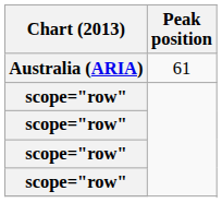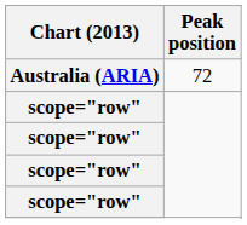 <table class="wikitable sortable plainrowheaders" style="text-align:center;">
 <tr>
 <th scope="col">Chart (2013)</th>
 <th scope="col">Peak<br>position</th>
 </tr>
 <tr>
 <th scope="row">Australia (<a href='#'>ARIA</a>)</th>
-<td>61</td>
+<td>72</td>
 </tr>
 <tr>
 <th>scope="row" </th>
 </tr>
 <tr>
 <th>scope="row" </th>
 </tr>
 <tr>
 <th>scope="row" </th>
 </tr>
 <tr>
 <th>scope="row" </th>
 </tr>
 <tr>
 </tr>
 </table>
